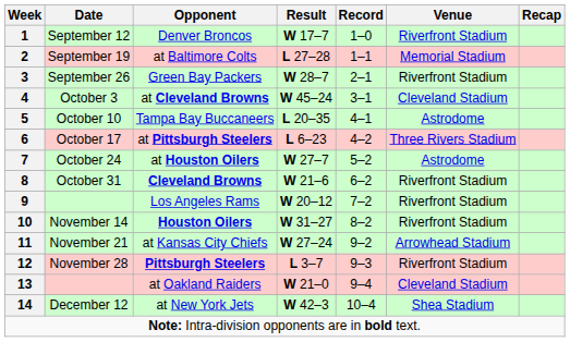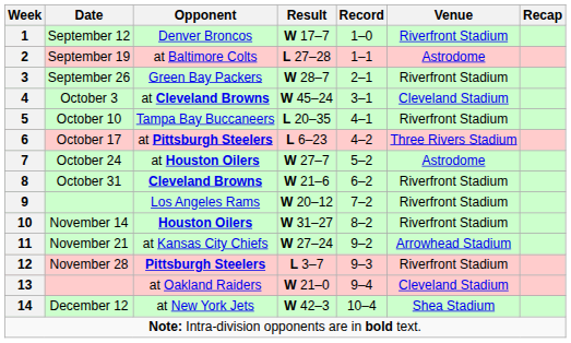 <table class="wikitable" style="text-align:center">
 <tr>
 <th>Week</th>
 <th>Date</th>
 <th>Opponent</th>
 <th>Result</th>
 <th>Record</th>
 <th>Venue</th>
 <th>Recap</th>
 </tr>
 <tr style="background:#cfc">
 <th>1</th>
 <td>September 12</td>
 <td><a href='#'>Denver Broncos</a></td>
 <td><strong>W</strong> 17–7</td>
 <td>1–0</td>
 <td><a href='#'>Riverfront Stadium</a></td>
 <td></td>
 </tr>
 <tr style="background:#fcc">
 <th>2</th>
 <td>September 19</td>
 <td>at <a href='#'>Baltimore Colts</a></td>
 <td><strong>L</strong> 27–28</td>
 <td>1–1</td>
-<td><a href='#'>Memorial Stadium</a></td>
+<td><a href='#'>Astrodome</a></td>
 <td></td>
 </tr>
 <tr style="background:#cfc">
 <th>3</th>
 <td>September 26</td>
 <td><a href='#'>Green Bay Packers</a></td>
 <td><strong>W</strong> 28–7</td>
 <td>2–1</td>
 <td>Riverfront Stadium</td>
 <td></td>
 </tr>
 <tr style="background:#cfc">
 <th>4</th>
 <td>October 3</td>
 <td>at <strong><a href='#'>Cleveland Browns</a></strong></td>
 <td><strong>W</strong> 45–24</td>
 <td>3–1</td>
 <td><a href='#'>Cleveland Stadium</a></td>
 <td></td>
 </tr>
 <tr style="background:#cfc">
 <th>5</th>
 <td>October 10</td>
 <td><a href='#'>Tampa Bay Buccaneers</a></td>
 <td><strong>L</strong> 20–35</td>
 <td>4–1</td>
-<td><a href='#'>Astrodome</a></td>
+<td>Riverfront Stadium</td>
 <td></td>
 </tr>
 <tr style="background:#fcc">
 <th>6</th>
 <td>October 17</td>
 <td>at <strong><a href='#'>Pittsburgh Steelers</a></strong></td>
 <td><strong>L</strong> 6–23</td>
 <td>4–2</td>
 <td><a href='#'>Three Rivers Stadium</a></td>
 <td></td>
 </tr>
 <tr style="background:#cfc">
 <th>7</th>
 <td>October 24</td>
 <td>at <strong><a href='#'> Houston Oilers</a></strong></td>
 <td><strong>W</strong> 27–7</td>
 <td>5–2</td>
 <td><a href='#'>Astrodome</a></td>
 <td></td>
 </tr>
 <tr style="background:#cfc">
 <th>8</th>
 <td>October 31</td>
 <td><strong><a href='#'>Cleveland Browns</a></strong></td>
 <td><strong>W</strong> 21–6</td>
 <td>6–2</td>
 <td>Riverfront Stadium</td>
 <td></td>
 </tr>
 <tr style="background:#cfc">
 <th>9</th>
 <td></td>
 <td><a href='#'>Los Angeles Rams</a></td>
 <td><strong>W</strong> 20–12</td>
 <td>7–2</td>
 <td>Riverfront Stadium</td>
 <td></td>
 </tr>
 <tr style="background:#cfc">
 <th>10</th>
 <td>November 14</td>
 <td><strong><a href='#'>Houston Oilers</a></strong></td>
 <td><strong>W</strong> 31–27</td>
 <td>8–2</td>
 <td>Riverfront Stadium</td>
 <td></td>
 </tr>
 <tr style="background:#cfc">
 <th>11</th>
 <td>November 21</td>
 <td>at <a href='#'>Kansas City Chiefs</a></td>
 <td><strong>W</strong> 27–24</td>
 <td>9–2</td>
 <td><a href='#'>Arrowhead Stadium</a></td>
 <td></td>
 </tr>
 <tr style="background:#fcc">
 <th>12</th>
 <td>November 28</td>
 <td><strong><a href='#'>Pittsburgh Steelers</a></strong></td>
 <td><strong>L</strong> 3–7</td>
 <td>9–3</td>
 <td>Riverfront Stadium</td>
 <td></td>
 </tr>
 <tr style="background:#fcc">
 <th>13</th>
 <td></td>
 <td>at <a href='#'>Oakland Raiders</a></td>
 <td><strong>W</strong> 21–0</td>
 <td>9–4</td>
 <td><a href='#'>Cleveland Stadium</a></td>
 <td></td>
 </tr>
 <tr style="background:#cfc">
 <th>14</th>
 <td>December 12</td>
 <td>at <a href='#'>New York Jets</a></td>
 <td><strong>W</strong> 42–3</td>
 <td>10–4</td>
 <td><a href='#'>Shea Stadium</a></td>
 <td></td>
 </tr>
 <tr>
 <td colspan="8"><strong>Note:</strong> Intra-division opponents are in <strong>bold</strong> text.</td>
 </tr>
 </table>
